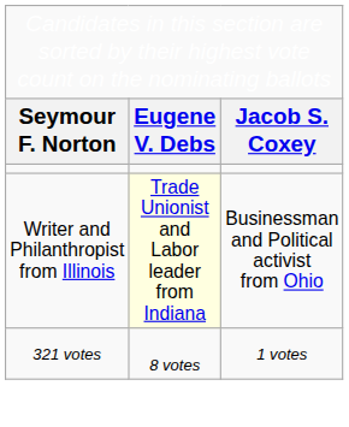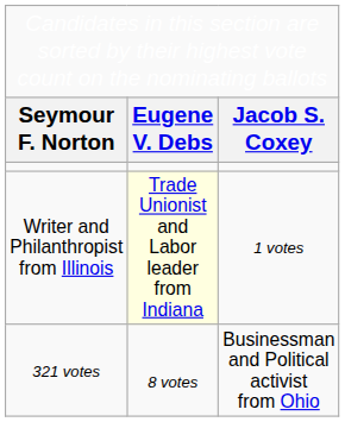 <table class="wikitable" style="font-size:90%">
 <tr>
 <td colspan="6" style="text-align:center; font-size:120%; color:white; background:"><em>Candidates in this section are sorted by their highest vote count on the nominating ballots</em></td>
 </tr>
 <tr>
 <th scope="col" style="width:3em; font-size:120%;">Seymour F. Norton</th>
 <th scope="col" style="width:3em; font-size:120%;"><a href='#'>Eugene V. Debs</a></th>
 <th scope="col" style="width:3em; font-size:120%;"><a href='#'>Jacob S. Coxey</a></th>
 </tr>
 <tr>
 <td></td>
 <td></td>
 <td></td>
 </tr>
 <tr style="text-align:center">
 <td>Writer and Philanthropist<br>from <a href='#'>Illinois</a></td>
 <td style="background: lightyellow;"><a href='#'>Trade Unionist</a> and Labor leader<br>from <a href='#'>Indiana</a></td>
-<td>Businessman and Political activist<br>from <a href='#'>Ohio</a></td>
+<td><em><small>1 votes</small></em></td>
 </tr>
 <tr style="text-align:center">
 <td><em><small>321 votes</small></em></td>
 <td><strong></strong><br><em><small>8 votes</small></em></td>
-<td><em><small>1 votes</small></em></td>
+<td>Businessman and Political activist<br>from <a href='#'>Ohio</a></td>
 </tr>
 </table>
